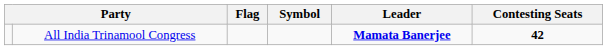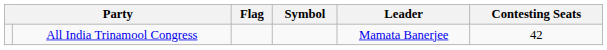 <table class="wikitable" width="60%" style="text-align:center">
 <tr>
 <th colspan="2">Party</th>
 <th>Flag</th>
 <th>Symbol</th>
 <th>Leader</th>
 <th>Contesting Seats</th>
 </tr>
 <tr>
 <td></td>
 <td><a href='#'>All India Trinamool Congress</a></td>
 <td></td>
 <td></td>
-<td><strong><a href='#'>Mamata Banerjee</a></strong></td>
-<td><strong>42</strong></td>
+<td><a href='#'>Mamata Banerjee</a></td>
+<td>42</td>
 </tr>
 </table>
